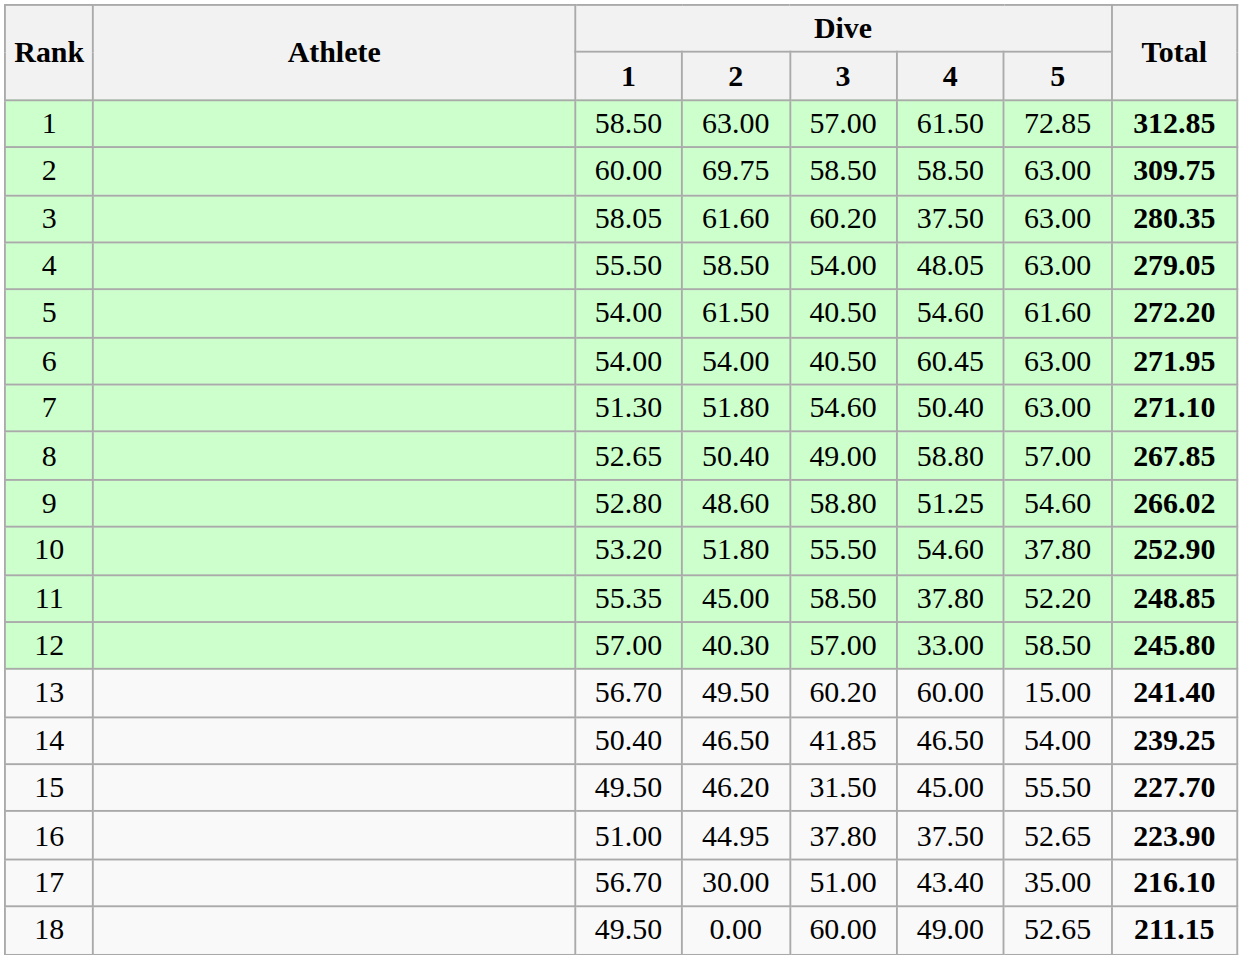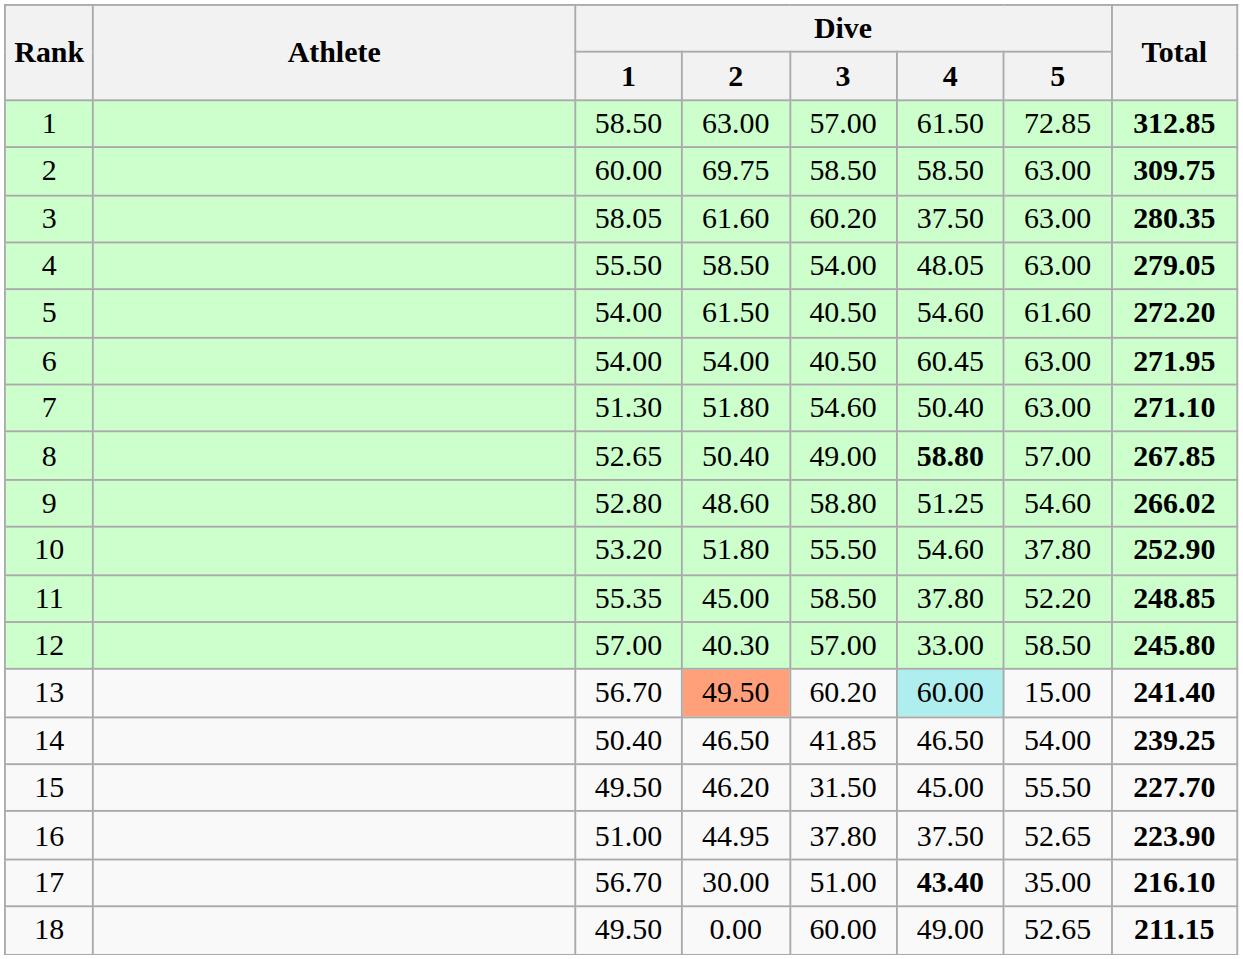 <table class="wikitable" style="text-align:center">
 <tr>
 <th rowspan="2" width="40">Rank</th>
 <th rowspan="2" width="250">Athlete</th>
 <th colspan="5">Dive</th>
 <th rowspan="2" width="60">Total</th>
 </tr>
 <tr>
 <th width="50">1</th>
 <th width="50">2</th>
 <th width="50">3</th>
 <th width="50">4</th>
 <th width="50">5</th>
 </tr>
 <tr bgcolor="ccffcc">
 <td>1</td>
 <td align="left"></td>
 <td>58.50</td>
 <td>63.00</td>
 <td>57.00</td>
 <td>61.50</td>
 <td>72.85</td>
 <td><strong>312.85</strong></td>
 </tr>
 <tr bgcolor="ccffcc">
 <td>2</td>
 <td align="left"></td>
 <td>60.00</td>
 <td>69.75</td>
 <td>58.50</td>
 <td>58.50</td>
 <td>63.00</td>
 <td><strong>309.75</strong></td>
 </tr>
 <tr bgcolor="ccffcc">
 <td>3</td>
 <td align="left"></td>
 <td>58.05</td>
 <td>61.60</td>
 <td>60.20</td>
 <td>37.50</td>
 <td>63.00</td>
 <td><strong>280.35</strong></td>
 </tr>
 <tr bgcolor="ccffcc">
 <td>4</td>
 <td align="left"></td>
 <td>55.50</td>
 <td>58.50</td>
 <td>54.00</td>
 <td>48.05</td>
 <td>63.00</td>
 <td><strong>279.05</strong></td>
 </tr>
 <tr bgcolor="ccffcc">
 <td>5</td>
 <td align="left"></td>
 <td>54.00</td>
 <td>61.50</td>
 <td>40.50</td>
 <td>54.60</td>
 <td>61.60</td>
 <td><strong>272.20</strong></td>
 </tr>
 <tr bgcolor="ccffcc">
 <td>6</td>
 <td align="left"></td>
 <td>54.00</td>
 <td>54.00</td>
 <td>40.50</td>
 <td>60.45</td>
 <td>63.00</td>
 <td><strong>271.95</strong></td>
 </tr>
 <tr bgcolor="ccffcc">
 <td>7</td>
 <td align="left"></td>
 <td>51.30</td>
 <td>51.80</td>
 <td>54.60</td>
 <td>50.40</td>
 <td>63.00</td>
 <td><strong>271.10</strong></td>
 </tr>
 <tr bgcolor="ccffcc">
 <td>8</td>
 <td align="left"></td>
 <td>52.65</td>
 <td>50.40</td>
 <td>49.00</td>
-<td>58.80</td>
+<td><strong>58.80</strong></td>
 <td>57.00</td>
 <td><strong>267.85</strong></td>
 </tr>
 <tr bgcolor="ccffcc">
 <td>9</td>
 <td align="left"></td>
 <td>52.80</td>
 <td>48.60</td>
 <td>58.80</td>
 <td>51.25</td>
 <td>54.60</td>
 <td><strong>266.02</strong></td>
 </tr>
 <tr bgcolor="ccffcc">
 <td>10</td>
 <td align="left"></td>
 <td>53.20</td>
 <td>51.80</td>
 <td>55.50</td>
 <td>54.60</td>
 <td>37.80</td>
 <td><strong>252.90</strong></td>
 </tr>
 <tr bgcolor="ccffcc">
 <td>11</td>
 <td align="left"></td>
 <td>55.35</td>
 <td>45.00</td>
 <td>58.50</td>
 <td>37.80</td>
 <td>52.20</td>
 <td><strong>248.85</strong></td>
 </tr>
 <tr bgcolor="ccffcc">
 <td>12</td>
 <td align="left"></td>
 <td>57.00</td>
 <td>40.30</td>
 <td>57.00</td>
 <td>33.00</td>
 <td>58.50</td>
 <td><strong>245.80</strong></td>
 </tr>
 <tr>
 <td>13</td>
 <td align="left"></td>
 <td>56.70</td>
-<td>49.50</td>
+<td style="background: lightsalmon;">49.50</td>
 <td>60.20</td>
-<td>60.00</td>
+<td style="background: paleturquoise;">60.00</td>
 <td>15.00</td>
 <td><strong>241.40</strong></td>
 </tr>
 <tr>
 <td>14</td>
 <td align="left"></td>
 <td>50.40</td>
 <td>46.50</td>
 <td>41.85</td>
 <td>46.50</td>
 <td>54.00</td>
 <td><strong>239.25</strong></td>
 </tr>
 <tr>
 <td>15</td>
 <td align="left"></td>
 <td>49.50</td>
 <td>46.20</td>
 <td>31.50</td>
 <td>45.00</td>
 <td>55.50</td>
 <td><strong>227.70</strong></td>
 </tr>
 <tr>
 <td>16</td>
 <td align="left"></td>
 <td>51.00</td>
 <td>44.95</td>
 <td>37.80</td>
 <td>37.50</td>
 <td>52.65</td>
 <td><strong>223.90</strong></td>
 </tr>
 <tr>
 <td>17</td>
 <td align="left"></td>
 <td>56.70</td>
 <td>30.00</td>
 <td>51.00</td>
-<td>43.40</td>
+<td><strong>43.40</strong></td>
 <td>35.00</td>
 <td><strong>216.10</strong></td>
 </tr>
 <tr>
 <td>18</td>
 <td align="left"></td>
 <td>49.50</td>
 <td>0.00</td>
 <td>60.00</td>
 <td>49.00</td>
 <td>52.65</td>
 <td><strong>211.15</strong></td>
 </tr>
 </table>
